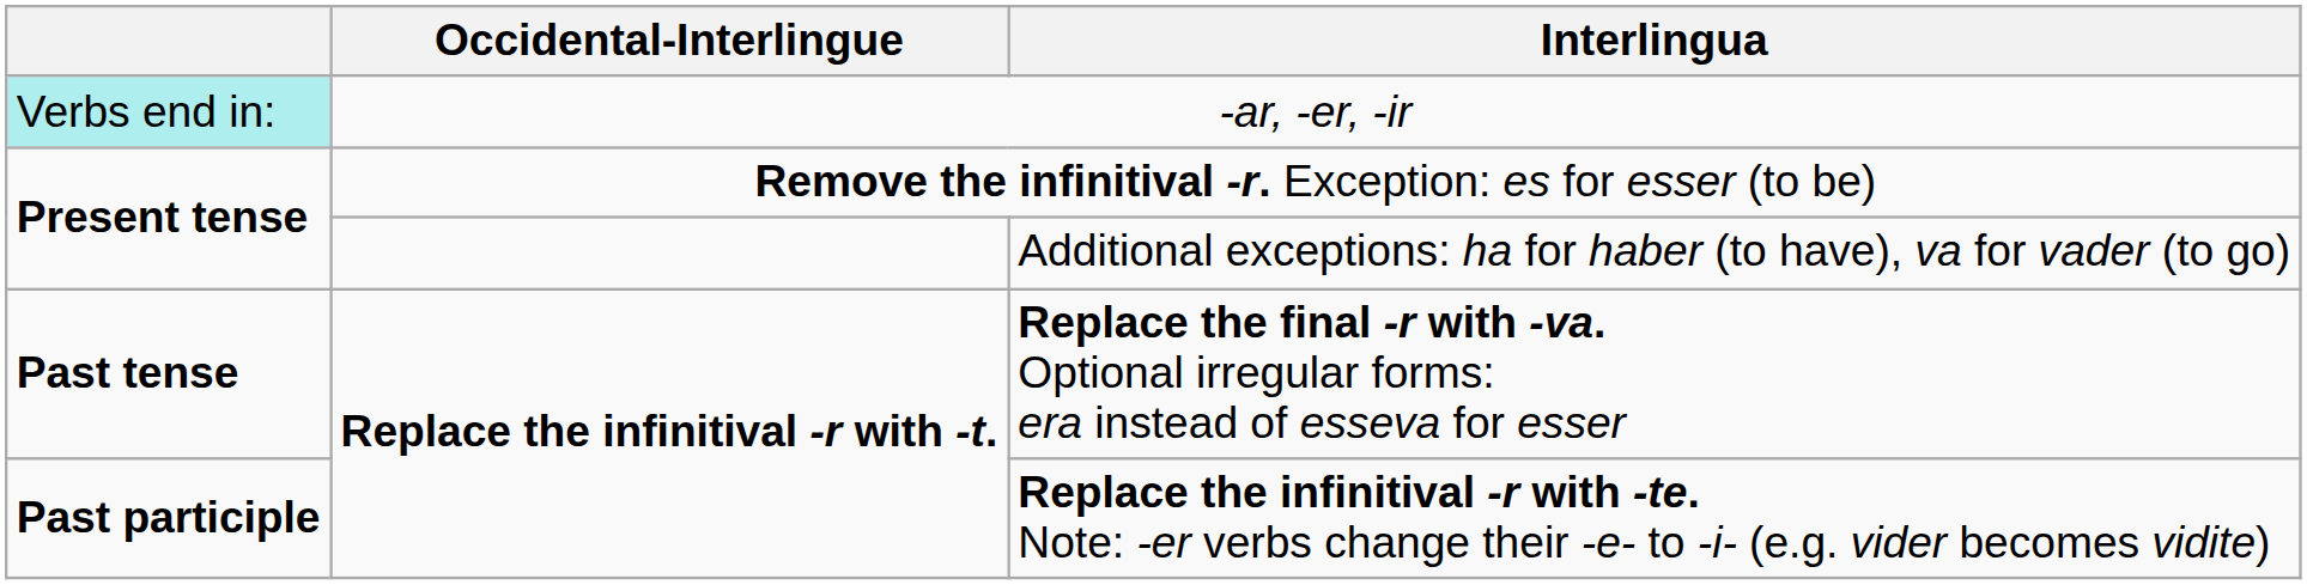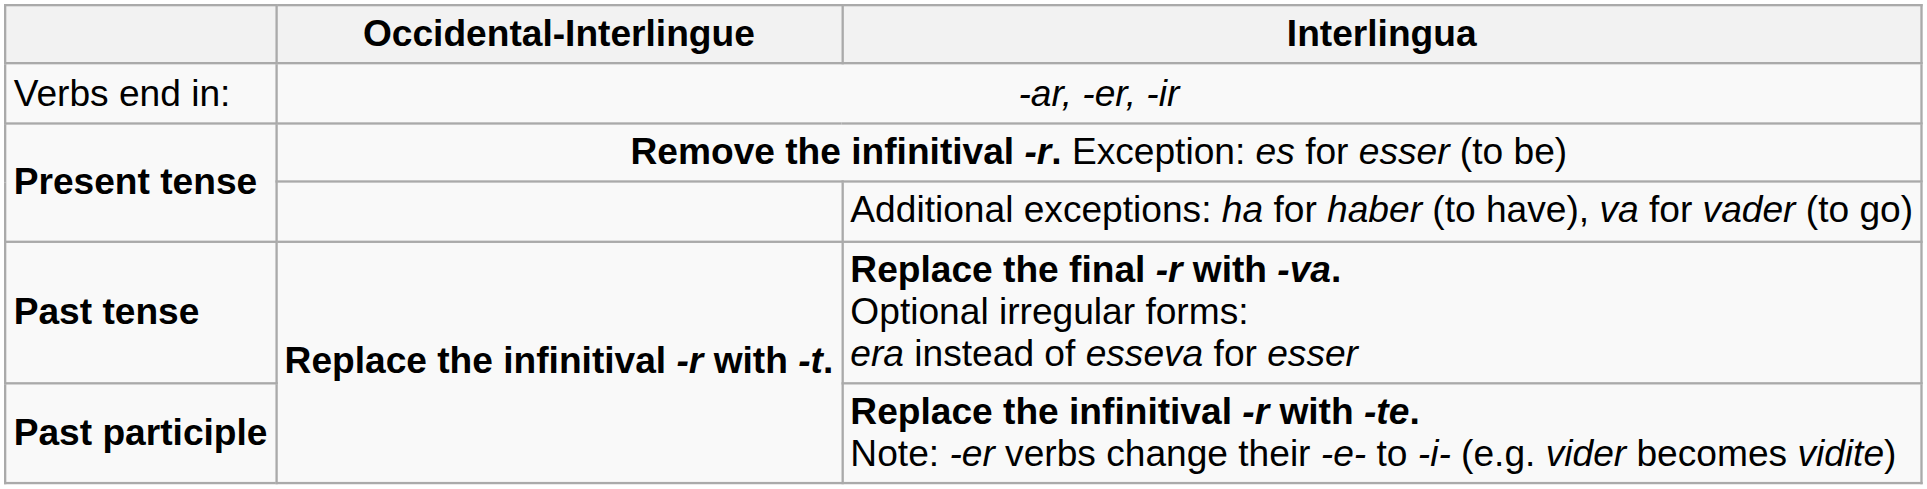 <table class="wikitable">
 <tr>
 <th></th>
 <th>Occidental-Interlingue</th>
 <th>Interlingua</th>
 </tr>
 <tr>
-<td style="background: paleturquoise;">Verbs end in:</td>
+<td>Verbs end in:</td>
 <td colspan="2" align=center><em>-ar, -er, -ir</em></td>
 </tr>
 <tr>
 <td rowspan=2><strong>Present tense</strong></td>
 <td colspan=2 align=center><strong>Remove the infinitival <em>-r</em>.</strong> Exception:  <em>es</em> for <em>esser</em> (to be)</td>
 </tr>
 <tr>
 <td></td>
 <td>Additional exceptions: <em>ha</em> for <em>haber</em> (to have), <em>va</em> for <em>vader</em> (to go)</td>
 </tr>
 <tr>
 <td><strong>Past tense</strong></td>
 <td rowspan=2><strong>Replace the infinitival <em>-r</em> with <em>-t</em>.</strong></td>
 <td><strong>Replace the final <em>-r</em> with <em>-va</em>.</strong><br>Optional irregular forms:<br><em>era</em> instead of <em>esseva</em> for <em>esser</em></td>
 </tr>
 <tr>
 <td><strong>Past participle</strong></td>
 <td><strong>Replace the infinitival <em>-r</em> with <em>-te</em>.</strong><br>Note: <em>-er</em> verbs change their <em>-e-</em> to <em>-i-</em> (e.g. <em>vider</em> becomes <em>vidite</em>)</td>
 </tr>
 </table>
